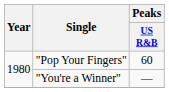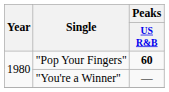 <table class="wikitable" style="text-align:center;">
 <tr>
 <th rowspan="2">Year</th>
 <th rowspan="2">Single</th>
 <th colspan="1">Peaks</th>
 </tr>
 <tr style="font-size:smaller;">
 <th width="40"><a href='#'>US<br>R&B</a><br></th>
 </tr>
 <tr>
 <td rowspan="2">1980</td>
 <td align="left">"Pop Your Fingers"</td>
-<td>60</td>
+<td><strong>60</strong></td>
 </tr>
 <tr>
 <td align="left">"You're a Winner"</td>
 <td>—</td>
 </tr>
 <tr>
 </tr>
 </table>
